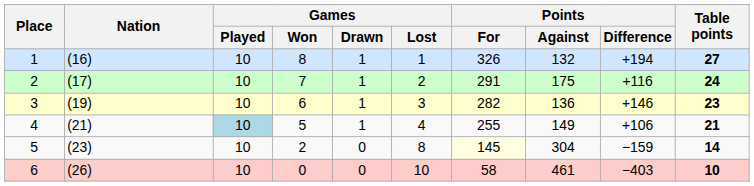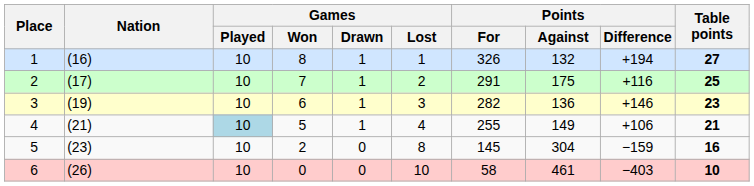 <table class="wikitable" style="text-align:center">
 <tr>
 <th rowspan=2 width="8%">Place</th>
 <th rowspan=2 width="20%">Nation</th>
 <th colspan=4 width="32%">Games</th>
 <th colspan=3 width="30%">Points</th>
 <th rowspan=2 width="10%">Table<br>points</th>
 </tr>
 <tr>
 <th width="8%">Played</th>
 <th width="8%">Won</th>
 <th width="8%">Drawn</th>
 <th width="8%">Lost</th>
 <th width="10%">For</th>
 <th width="10%">Against</th>
 <th width="10%">Difference</th>
 </tr>
 <tr bgcolor="#D0E6FF">
 <td>1</td>
 <td align=left> (16)</td>
 <td>10</td>
 <td>8</td>
 <td>1</td>
 <td>1</td>
 <td>326</td>
 <td>132</td>
 <td>+194</td>
 <td><strong>27</strong></td>
 </tr>
 <tr bgcolor="#ccffcc">
 <td>2</td>
 <td align=left> (17)</td>
 <td>10</td>
 <td>7</td>
 <td>1</td>
 <td>2</td>
 <td>291</td>
 <td>175</td>
 <td>+116</td>
-<td><strong>24</strong></td>
+<td><strong>25</strong></td>
 </tr>
 <tr bgcolor="#ffffcc">
 <td>3</td>
 <td align=left> (19)</td>
 <td>10</td>
 <td>6</td>
 <td>1</td>
 <td>3</td>
 <td>282</td>
 <td>136</td>
 <td>+146</td>
 <td><strong>23</strong></td>
 </tr>
 <tr>
 <td>4</td>
 <td align=left> (21)</td>
 <td style="background: lightblue;">10</td>
 <td>5</td>
 <td>1</td>
 <td>4</td>
 <td>255</td>
 <td>149</td>
 <td>+106</td>
 <td><strong>21</strong></td>
 </tr>
 <tr>
 <td>5</td>
 <td align=left> (23)</td>
 <td>10</td>
 <td>2</td>
 <td>0</td>
 <td>8</td>
-<td style="background: lightyellow;">145</td>
+<td>145</td>
 <td>304</td>
 <td>−159</td>
-<td><strong>14</strong></td>
+<td><strong>16</strong></td>
 </tr>
 <tr bgcolor="#ffcccc">
 <td>6</td>
 <td align=left> (26)</td>
 <td>10</td>
 <td>0</td>
 <td>0</td>
 <td>10</td>
 <td>58</td>
 <td>461</td>
 <td>−403</td>
 <td><strong>10</strong></td>
 </tr>
 </table>
